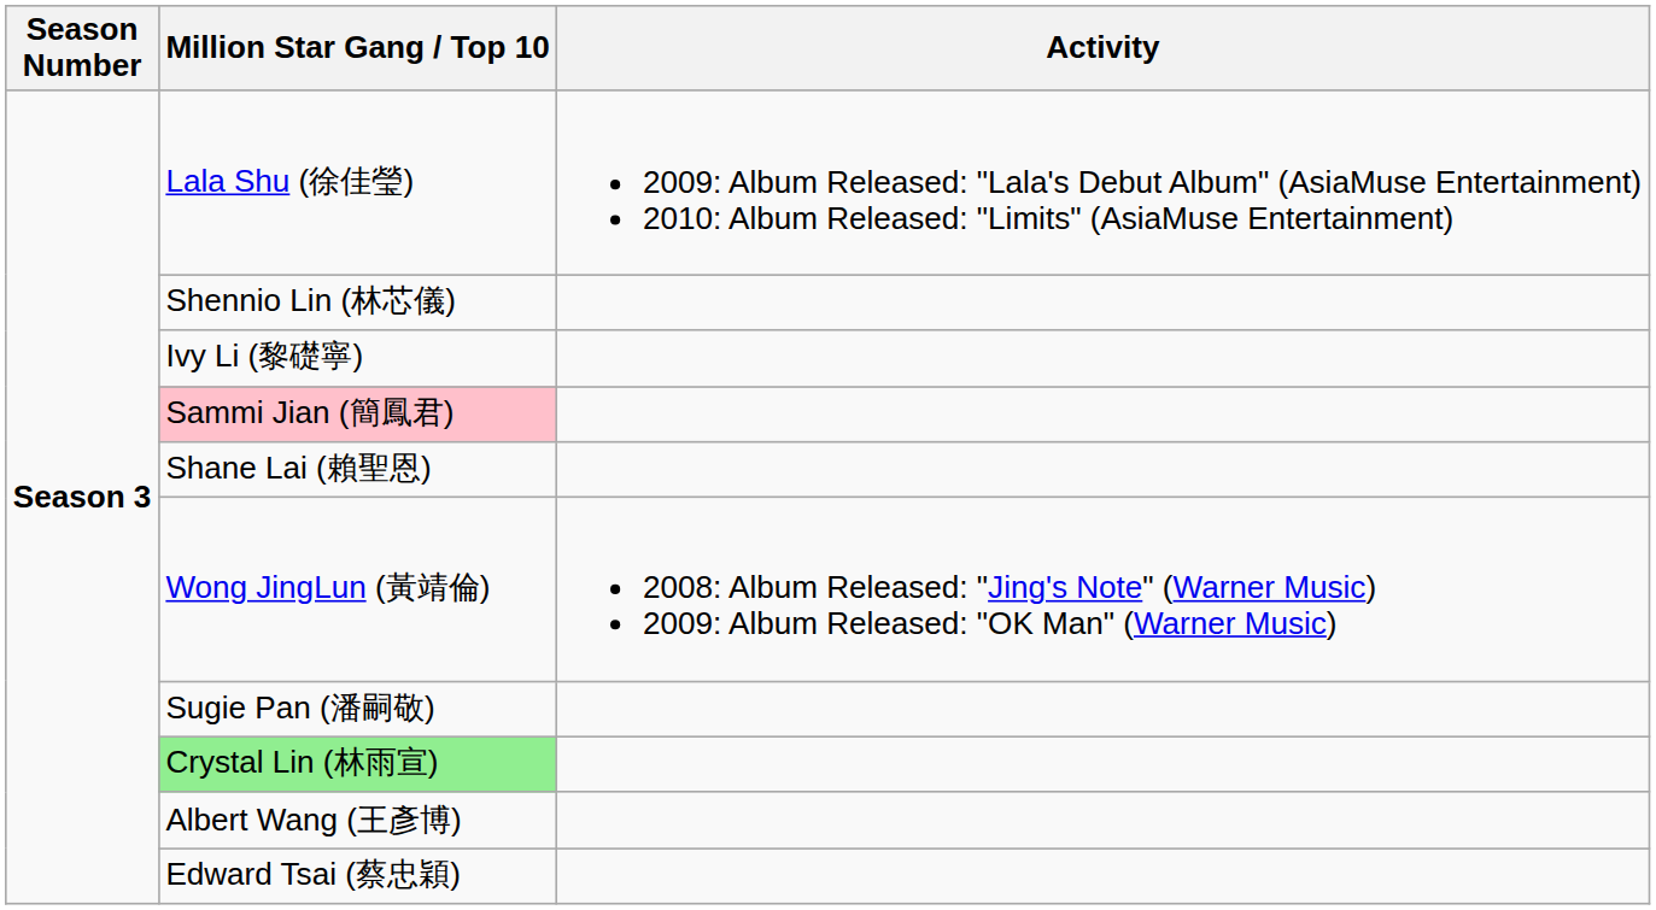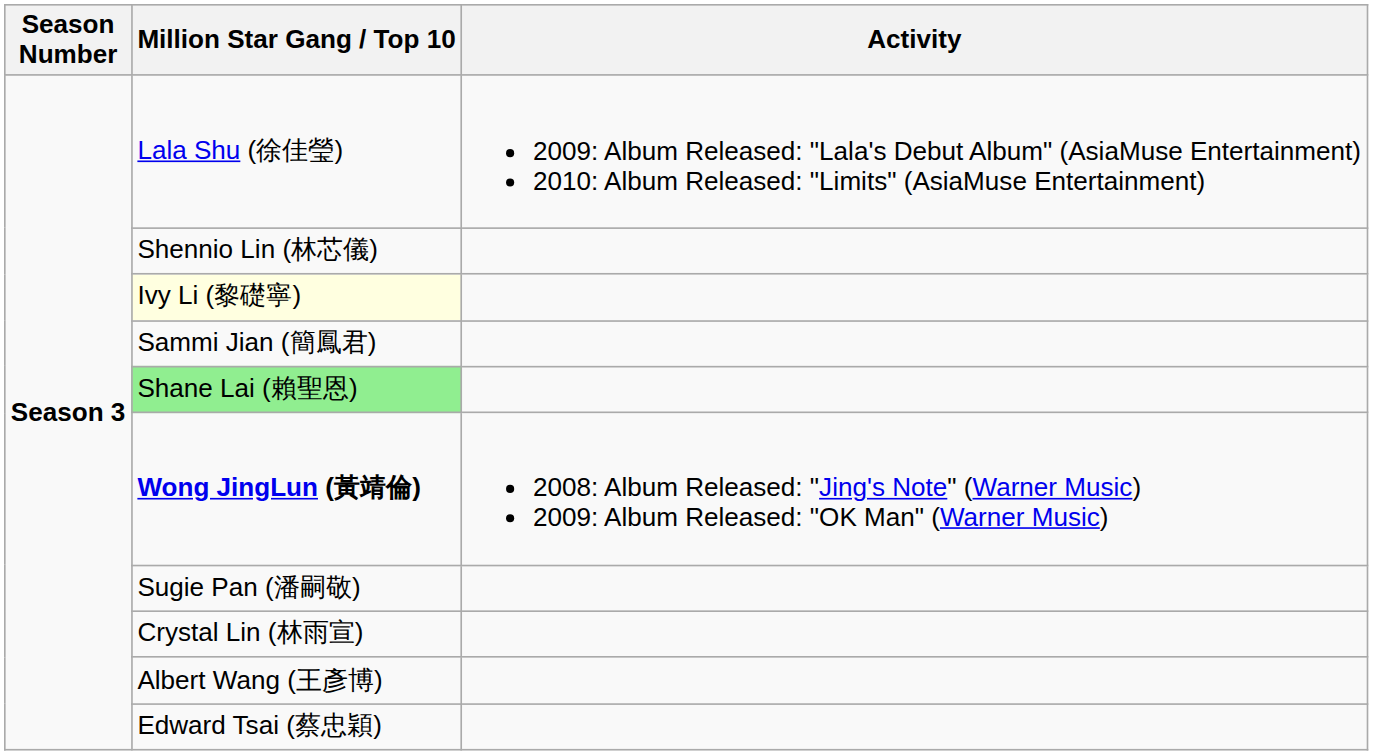 <table class="wikitable">
 <tr>
 <th align="center">Season<br>Number</th>
 <th align="center">Million Star Gang / Top 10</th>
 <th align="center">Activity</th>
 </tr>
 <tr>
 <td rowspan="10"><strong>Season 3</strong></td>
 <td><a href='#'>Lala Shu</a> (徐佳瑩)</td>
 <td><br><ul><li>2009: Album Released: "Lala's Debut Album" (AsiaMuse Entertainment)</li><li>2010: Album Released: "Limits" (AsiaMuse Entertainment)</li></ul></td>
 </tr>
 <tr>
 <td>Shennio Lin (林芯儀)</td>
 <td></td>
 </tr>
 <tr>
-<td>Ivy Li (黎礎寧)</td>
+<td style="background: lightyellow;">Ivy Li (黎礎寧)</td>
 <td></td>
 </tr>
 <tr>
-<td style="background: pink;">Sammi Jian (簡鳳君)</td>
+<td>Sammi Jian (簡鳳君)</td>
 <td></td>
 </tr>
 <tr>
-<td>Shane Lai (賴聖恩)</td>
+<td style="background: lightgreen;">Shane Lai (賴聖恩)</td>
 <td></td>
 </tr>
 <tr>
-<td><a href='#'>Wong JingLun</a> (黃靖倫)</td>
+<td><strong><a href='#'>Wong JingLun</a> (黃靖倫)</strong></td>
 <td><br><ul><li>2008: Album Released: "<a href='#'>Jing's Note</a>" (<a href='#'>Warner Music</a>)</li><li>2009: Album Released: "OK Man" (<a href='#'>Warner Music</a>)</li></ul></td>
 </tr>
 <tr>
 <td>Sugie Pan (潘嗣敬)</td>
 <td></td>
 </tr>
 <tr>
-<td style="background: lightgreen;">Crystal Lin (林雨宣)</td>
+<td>Crystal Lin (林雨宣)</td>
 <td></td>
 </tr>
 <tr>
 <td>Albert Wang (王彥博)</td>
 <td></td>
 </tr>
 <tr>
 <td>Edward Tsai (蔡忠穎)</td>
 <td></td>
 </tr>
 </table>
